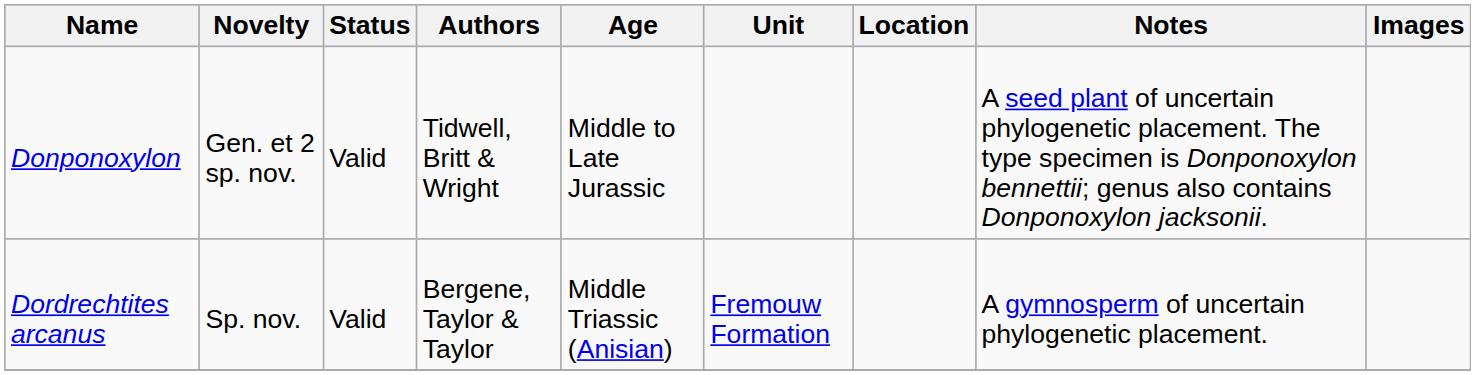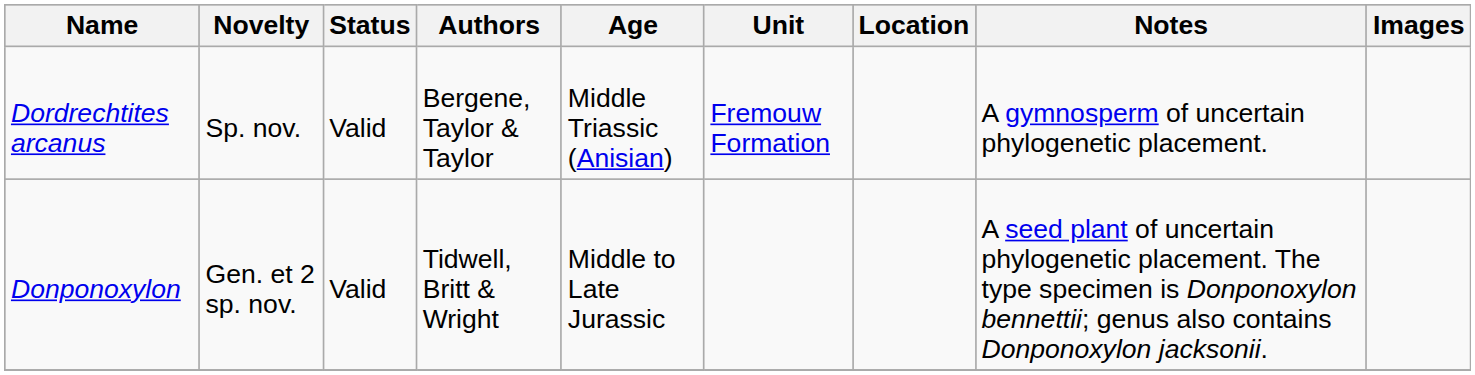 <table class="wikitable sortable" align="center" width="100%">
 <tr>
 <th>Name</th>
 <th>Novelty</th>
 <th>Status</th>
 <th>Authors</th>
 <th>Age</th>
 <th>Unit</th>
 <th>Location</th>
 <th>Notes</th>
 <th>Images</th>
 </tr>
 <tr>
+<td><br><em><a href='#'>Dordrechtites arcanus</a></em></td>
+<td><br>Sp. nov.</td>
+<td><br>Valid</td>
+<td><br>Bergene, Taylor & Taylor</td>
+<td><br>Middle Triassic (<a href='#'>Anisian</a>)</td>
+<td><br><a href='#'>Fremouw Formation</a></td>
+<td><br></td>
+<td><br>A <a href='#'>gymnosperm</a> of uncertain phylogenetic placement.</td>
+<td></td>
+</tr>
+<tr>
 <td><br><em><a href='#'>Donponoxylon</a></em></td>
 <td><br>Gen. et 2 sp. nov.</td>
 <td><br>Valid</td>
 <td><br>Tidwell, Britt & Wright</td>
 <td><br>Middle to Late Jurassic</td>
 <td></td>
 <td><br><br> </td>
 <td><br>A <a href='#'>seed plant</a> of uncertain phylogenetic placement. The type specimen is <em>Donponoxylon bennettii</em>; genus also contains <em>Donponoxylon jacksonii</em>.</td>
 <td></td>
 </tr>
 <tr>
-<td><br><em><a href='#'>Dordrechtites arcanus</a></em></td>
-<td><br>Sp. nov.</td>
-<td><br>Valid</td>
-<td><br>Bergene, Taylor & Taylor</td>
-<td><br>Middle Triassic (<a href='#'>Anisian</a>)</td>
-<td><br><a href='#'>Fremouw Formation</a></td>
-<td><br></td>
-<td><br>A <a href='#'>gymnosperm</a> of uncertain phylogenetic placement.</td>
-<td></td>
-</tr>
-<tr>
 </tr>
 </table>
